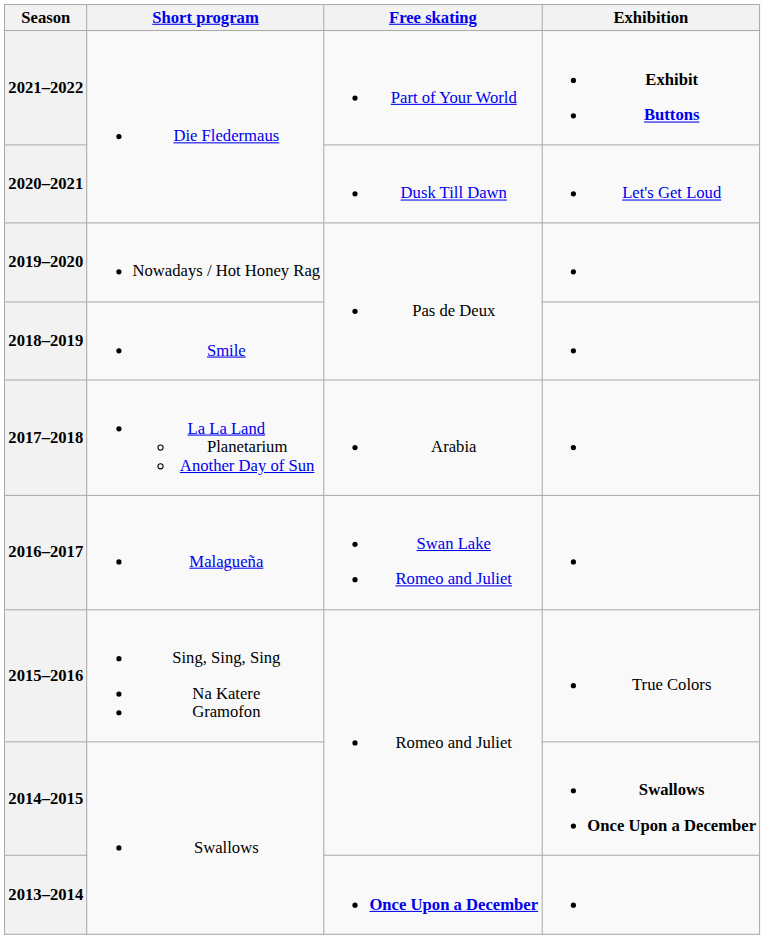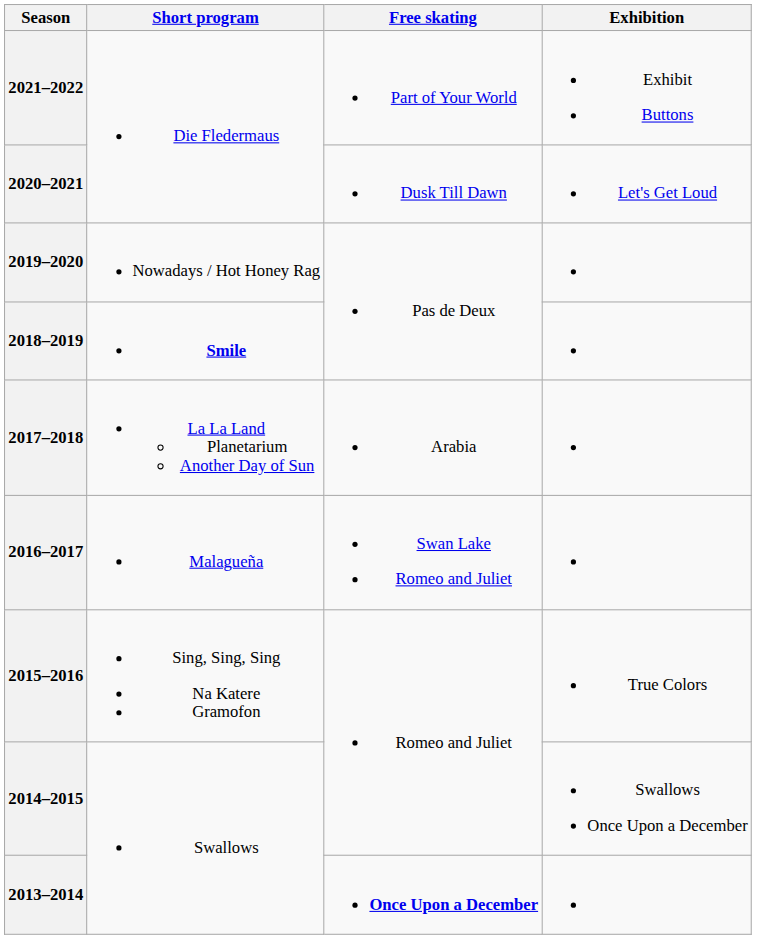 <table class=wikitable style=text-align:center>
 <tr>
 <th>Season</th>
 <th><a href='#'>Short program</a></th>
 <th><a href='#'>Free skating</a></th>
 <th>Exhibition</th>
 </tr>
 <tr>
 <th>2021–2022 <br> </th>
 <td rowspan=2><br><ul><li><a href='#'>Die Fledermaus</a> <br></li></ul></td>
 <td><br><ul><li><a href='#'>Part of Your World</a> <br> </li></ul></td>
-<td><strong><br><ul><li>Exhibit <br></li></ul><ul><li><a href='#'>Buttons</a> <br></li></ul></strong></td>
+<td><br><ul><li>Exhibit <br></li></ul><ul><li><a href='#'>Buttons</a> <br></li></ul></td>
 </tr>
 <tr>
 <th>2020–2021</th>
 <td><br><ul><li><a href='#'>Dusk Till Dawn</a> <br> </li></ul></td>
 <td><br><ul><li><a href='#'>Let's Get Loud</a> <br> </li></ul></td>
 </tr>
 <tr>
 <th>2019–2020 <br></th>
 <td><br><ul><li>Nowadays / Hot Honey Rag <br></li></ul></td>
 <td rowspan=2><br><ul><li>Pas de Deux <br> </li></ul></td>
 <td><br><ul><li></li></ul></td>
 </tr>
 <tr>
 <th>2018–2019 <br></th>
-<td><br><ul><li><a href='#'>Smile</a> <br> </li></ul></td>
+<td><strong><br><ul><li><a href='#'>Smile</a> <br> </li></ul></strong></td>
 <td><br><ul><li></li></ul></td>
 </tr>
 <tr>
 <th>2017–2018 <br></th>
 <td><br><ul><li><a href='#'>La La Land</a><ul><li>Planetarium <br></li><li><a href='#'>Another Day of Sun</a> <br></li></ul></li></ul></td>
 <td><br><ul><li>Arabia <br> </li></ul></td>
 <td><br><ul><li></li></ul></td>
 </tr>
 <tr>
 <th>2016–2017 <br></th>
 <td><br><ul><li><a href='#'>Malagueña</a> <br></li></ul></td>
 <td><br><ul><li><a href='#'>Swan Lake</a> <br> </li></ul><ul><li><a href='#'>Romeo and Juliet</a> <br></li></ul></td>
 <td><br><ul><li></li></ul></td>
 </tr>
 <tr>
 <th>2015–2016</th>
 <td><br><ul><li>Sing, Sing, Sing <br></li></ul><ul><li>Na Katere <br></li><li>Gramofon <br></li></ul></td>
 <td rowspan=2><br><ul><li>Romeo and Juliet <br></li></ul></td>
 <td><br><ul><li>True Colors <br> </li></ul></td>
 </tr>
 <tr>
 <th>2014–2015</th>
 <td rowspan=2><br><ul><li>Swallows <br></li></ul></td>
-<td><strong><br><ul><li>Swallows <br></li></ul><ul><li>Once Upon a December <br></li></ul></strong></td>
+<td><br><ul><li>Swallows <br></li></ul><ul><li>Once Upon a December <br></li></ul></td>
 </tr>
 <tr>
 <th>2013–2014</th>
 <td><strong><br><ul><li><a href='#'>Once Upon a December</a> <br></li></ul></strong></td>
 <td><br><ul><li></li></ul></td>
 </tr>
 </table>
